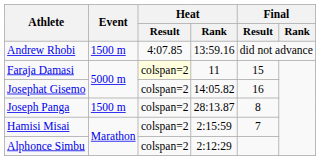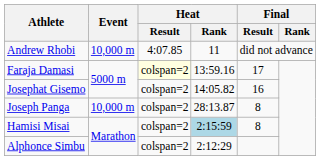 <table class="wikitable" style="font-size:90%; text-align:center">
 <tr>
 <th rowspan=2>Athlete</th>
 <th rowspan=2>Event</th>
 <th colspan=2>Heat</th>
 <th colspan=2>Final</th>
 </tr>
 <tr style="font-size:95%">
 <th>Result</th>
 <th>Rank</th>
 <th>Result</th>
 <th>Rank</th>
 </tr>
 <tr>
 <td align=left><a href='#'>Andrew Rhobi</a></td>
-<td align=left rowspan=1><a href='#'>1500 m</a></td>
+<td align=left rowspan=1><a href='#'>10,000 m</a></td>
 <td>4:07.85</td>
-<td>13:59.16</td>
+<td>11</td>
 <td colspan=2>did not advance</td>
 </tr>
 <tr>
 <td align=left><a href='#'>Faraja Damasi</a></td>
 <td align=left rowspan=2><a href='#'>5000 m</a></td>
 <td style="background: lightyellow;">colspan=2 </td>
-<td>11</td>
-<td>15</td>
+<td>13:59.16</td>
+<td>17</td>
 </tr>
 <tr>
 <td align=left><a href='#'>Josephat Gisemo</a></td>
 <td>colspan=2 </td>
 <td>14:05.82</td>
 <td>16</td>
 </tr>
 <tr>
 <td align=left><a href='#'>Joseph Panga</a></td>
-<td align=left rowspan=1><a href='#'>1500 m</a></td>
+<td align=left rowspan=1><a href='#'>10,000 m</a></td>
 <td>colspan=2 </td>
 <td>28:13.87</td>
 <td>8</td>
 </tr>
 <tr>
 <td align=left><a href='#'>Hamisi Misai</a></td>
 <td align=left rowspan=2><a href='#'>Marathon</a></td>
 <td>colspan=2 </td>
-<td>2:15:59</td>
-<td>7</td>
+<td style="background: lightblue;">2:15:59</td>
+<td>8</td>
 </tr>
 <tr>
 <td align=left><a href='#'>Alphonce Simbu</a></td>
 <td>colspan=2 </td>
 <td>2:12:29</td>
 <td></td>
 </tr>
 </table>
